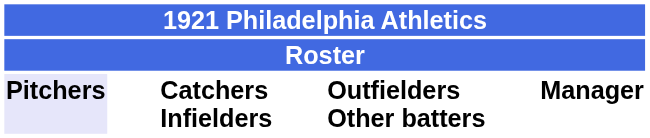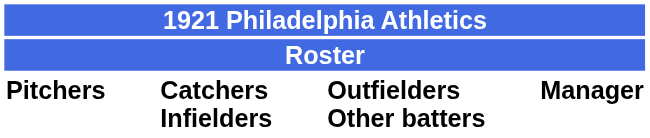 <table class="toccolours" style="font-size: 95%;">
 <tr>
 <th colspan="10" style="background-color: #4169e1; color: white; text-align: center;">1921 Philadelphia Athletics</th>
 </tr>
 <tr>
 <td colspan="10" style="background-color: #4169e1; color: white; text-align: center;"><strong>Roster</strong></td>
 </tr>
 <tr>
-<td valign="top" style="background: lavender;"><strong>Pitchers</strong><br>             </td>
+<td valign="top"><strong>Pitchers</strong><br>             </td>
 <td width="25px"></td>
 <td valign="top"><strong>Catchers</strong><br>   <strong>Infielders</strong>          </td>
 <td width="25px"></td>
 <td valign="top"><strong>Outfielders</strong><br>       <strong>Other batters</strong>  </td>
 <td width="25px"></td>
 <td valign="top"><strong>Manager</strong><br></td>
 </tr>
 </table>
